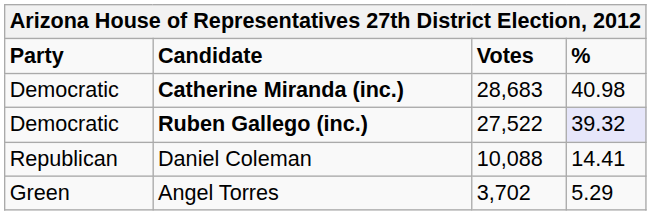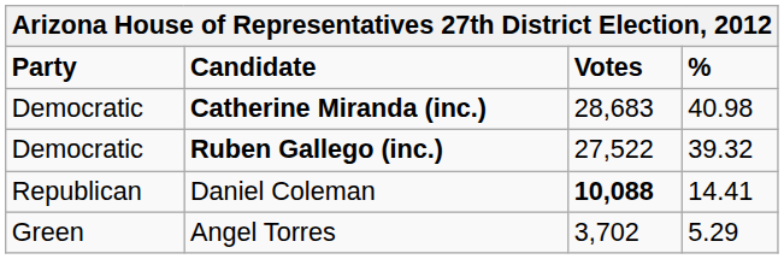 <table class="wikitable">
 <tr>
 <th colspan="4">Arizona House of Representatives 27th District Election, 2012</th>
 </tr>
 <tr>
 <td><strong>Party</strong></td>
 <td><strong>Candidate</strong></td>
 <td><strong>Votes</strong></td>
 <td><strong>%</strong></td>
 </tr>
 <tr>
 <td>Democratic</td>
 <td><strong>Catherine Miranda (inc.)</strong></td>
 <td>28,683</td>
 <td>40.98</td>
 </tr>
 <tr>
 <td>Democratic</td>
 <td><strong>Ruben Gallego (inc.)</strong></td>
 <td>27,522</td>
-<td style="background: lavender;">39.32</td>
+<td>39.32</td>
 </tr>
 <tr>
 <td>Republican</td>
 <td>Daniel Coleman</td>
-<td>10,088</td>
+<td><strong>10,088</strong></td>
 <td>14.41</td>
 </tr>
 <tr>
 <td>Green</td>
 <td>Angel Torres</td>
 <td>3,702</td>
 <td>5.29</td>
 </tr>
 </table>
